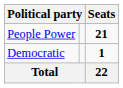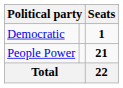 <table class="wikitable">
 <tr>
 <th colspan="2">Political party</th>
 <th>Seats</th>
+</tr>
+<tr>
+<td><a href='#'>Democratic</a></td>
+<td style="background:"></td>
+<td style="text-align: center;"><strong>1</strong></td>
 </tr>
 <tr>
 <td><a href='#'>People Power</a></td>
 <td style="background:"></td>
 <td style="text-align: center;"><strong>21</strong></td>
 </tr>
 <tr>
-<td><a href='#'>Democratic</a></td>
-<td style="background:"></td>
-<td style="text-align: center;"><strong>1</strong></td>
-</tr>
-<tr>
 <th colspan="2">Total</th>
 <th>22</th>
 </tr>
 </table>
